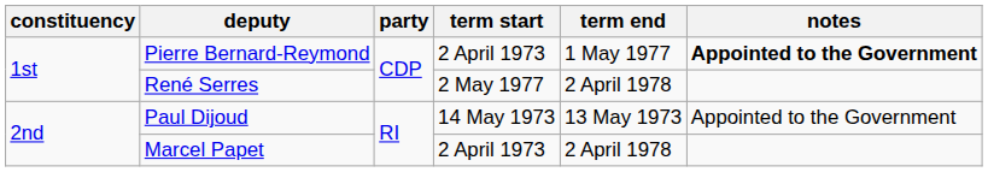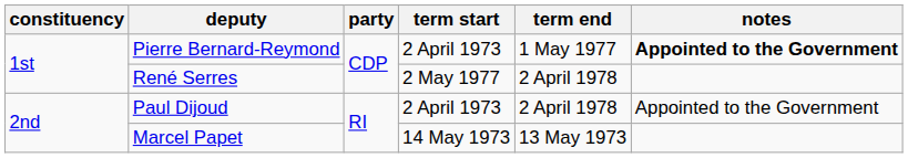 <table class="wikitable">
 <tr>
 <th>constituency</th>
 <th>deputy</th>
 <th>party</th>
 <th>term start</th>
 <th>term end</th>
 <th>notes</th>
 </tr>
 <tr>
 <td rowspan="2"><a href='#'>1st</a></td>
 <td><a href='#'>Pierre Bernard-Reymond</a></td>
 <td rowspan=2><a href='#'>CDP</a></td>
 <td>2 April 1973</td>
 <td>1 May 1977</td>
 <td><strong>Appointed to the Government</strong></td>
 </tr>
 <tr>
 <td><a href='#'>René Serres</a></td>
 <td>2 May 1977</td>
 <td>2 April 1978</td>
 </tr>
 <tr>
 <td rowspan="2"><a href='#'>2nd</a></td>
 <td><a href='#'>Paul Dijoud</a></td>
 <td rowspan=2><a href='#'>RI</a></td>
-<td>14 May 1973</td>
-<td>13 May 1973</td>
+<td>2 April 1973</td>
+<td>2 April 1978</td>
 <td>Appointed to the Government</td>
 </tr>
 <tr>
 <td><a href='#'>Marcel Papet</a></td>
-<td>2 April 1973</td>
-<td>2 April 1978</td>
+<td>14 May 1973</td>
+<td>13 May 1973</td>
 </tr>
 </table>
